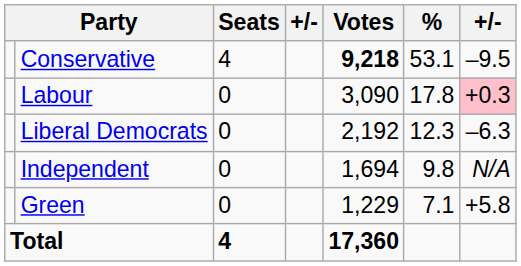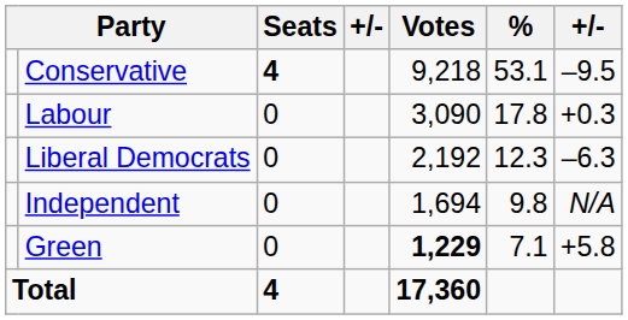 <table class="wikitable sortable">
 <tr>
 <th colspan="2">Party</th>
 <th>Seats</th>
 <th>+/-</th>
 <th>Votes</th>
 <th>%</th>
 <th>+/-</th>
 </tr>
 <tr>
 <td style="background-color: "></td>
 <td><a href='#'>Conservative</a></td>
-<td>4</td>
+<td><strong>4</strong></td>
 <td></td>
-<td style="text-align:right;"><strong>9,218</strong></td>
+<td style="text-align:right;">9,218</td>
 <td style="text-align:right;">53.1</td>
 <td style="text-align:right;">–9.5</td>
 </tr>
 <tr>
 <td style="background-color: "></td>
 <td><a href='#'>Labour</a></td>
 <td>0</td>
 <td></td>
 <td style="text-align:right;">3,090</td>
 <td style="text-align:right;">17.8</td>
-<td style="background: pink; text-align:right;">+0.3</td>
+<td style="text-align:right;">+0.3</td>
 </tr>
 <tr>
 <td style="background-color: "></td>
 <td><a href='#'>Liberal Democrats</a></td>
 <td>0</td>
 <td></td>
 <td style="text-align:right;">2,192</td>
 <td style="text-align:right;">12.3</td>
 <td style="text-align:right;">–6.3</td>
 </tr>
 <tr>
 <td style="background-color: "></td>
 <td><a href='#'>Independent</a></td>
 <td>0</td>
 <td></td>
 <td style="text-align:right;">1,694</td>
 <td style="text-align:right;">9.8</td>
 <td style="text-align:right;"><em>N/A</em></td>
 </tr>
 <tr>
 <td style="background-color: "></td>
 <td><a href='#'>Green</a></td>
 <td>0</td>
 <td></td>
-<td style="text-align:right;">1,229</td>
+<td style="text-align:right;"><strong>1,229</strong></td>
 <td style="text-align:right;">7.1</td>
 <td style="text-align:right;">+5.8</td>
 </tr>
 <tr>
 <td colspan="2"><strong>Total</strong></td>
 <td><strong>4</strong></td>
 <td></td>
 <td style="text-align:right;"><strong>17,360</strong></td>
 <td style="text-align:right;"></td>
 <td style="text-align:right;"></td>
 </tr>
 </table>
